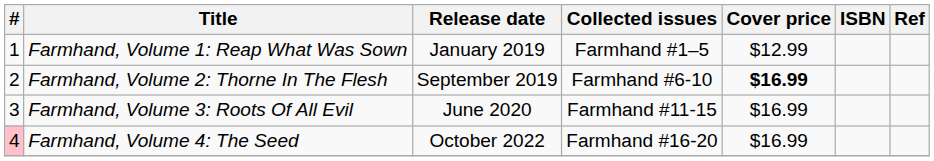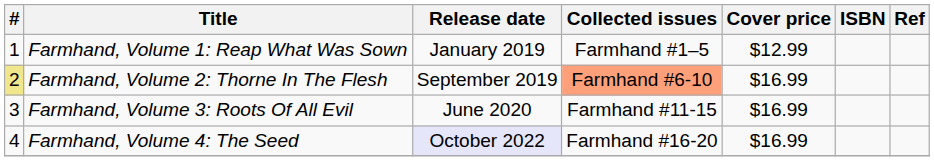 <table class="wikitable">
 <tr>
 <th>#</th>
 <th width="42%">Title</th>
 <th>Release date</th>
 <th>Collected issues</th>
 <th>Cover price</th>
 <th>ISBN</th>
 <th>Ref</th>
 </tr>
 <tr>
 <td>1</td>
 <td><em>Farmhand, Volume 1: Reap What Was Sown</em></td>
 <td style="text-align:center;">January 2019</td>
 <td style="text-align:center;">Farmhand #1–5</td>
 <td style="text-align:center;">$12.99</td>
 <td style="text-align:center;"></td>
 <td style="text-align:center;"></td>
 </tr>
 <tr>
-<td>2</td>
+<td style="background: khaki;">2</td>
 <td><em>Farmhand, Volume 2: Thorne In The Flesh</em></td>
 <td style="text-align:center;">September 2019</td>
-<td style="text-align:center;">Farmhand #6-10</td>
-<td style="text-align:center;"><strong>$16.99</strong></td>
+<td style="background: lightsalmon; text-align:center;">Farmhand #6-10</td>
+<td style="text-align:center;">$16.99</td>
 <td style="text-align:center;"></td>
 <td></td>
 </tr>
 <tr>
 <td>3</td>
 <td><em>Farmhand, Volume 3: Roots Of All Evil</em></td>
 <td style="text-align:center;">June 2020</td>
 <td style="text-align:center;">Farmhand #11-15</td>
 <td style="text-align:center;">$16.99</td>
 <td style="text-align:center;"></td>
 <td></td>
 </tr>
 <tr>
-<td style="background: pink;">4</td>
+<td>4</td>
 <td><em>Farmhand, Volume 4: The Seed</em></td>
-<td style="text-align:center;">October 2022</td>
+<td style="background: lavender; text-align:center;">October 2022</td>
 <td style="text-align:center;">Farmhand #16-20</td>
 <td style="text-align:center;">$16.99</td>
 <td style="text-align:center;"></td>
 <td></td>
 </tr>
 <tr>
 </tr>
 </table>
